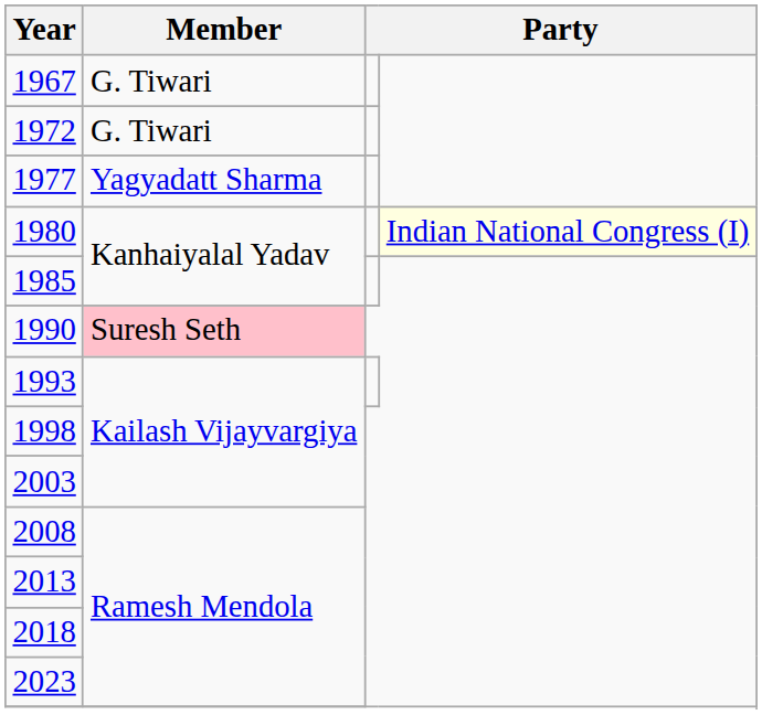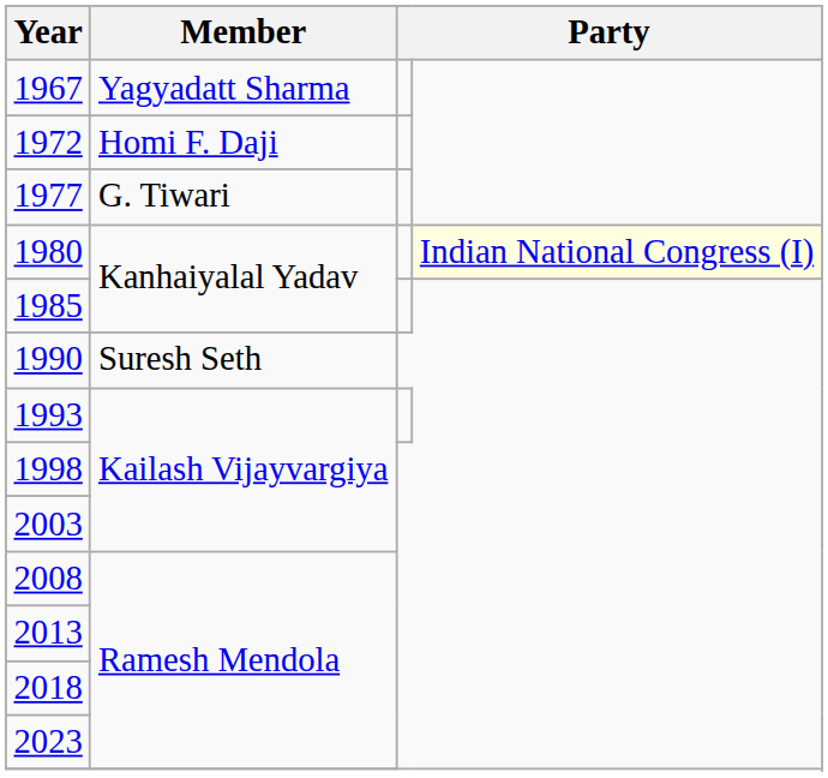 <table class="wikitable">
 <tr>
 <th>Year</th>
 <th>Member</th>
 <th colspan="2">Party</th>
 </tr>
 <tr>
 <td><a href='#'>1967</a></td>
-<td>G. Tiwari</td>
+<td><a href='#'>Yagyadatt Sharma</a></td>
 <td></td>
 </tr>
 <tr>
 <td><a href='#'>1972</a></td>
-<td>G. Tiwari</td>
+<td><a href='#'>Homi F. Daji</a></td>
 <td></td>
 </tr>
 <tr>
 <td><a href='#'>1977</a></td>
-<td><a href='#'>Yagyadatt Sharma</a></td>
+<td>G. Tiwari</td>
 <td></td>
 </tr>
 <tr>
 <td><a href='#'>1980</a></td>
 <td rowspan="2">Kanhaiyalal Yadav</td>
 <td style="background-color: "></td>
 <td style="background: lightyellow;"><a href='#'>Indian National Congress (I)</a></td>
 </tr>
 <tr>
 <td><a href='#'>1985</a></td>
 <td></td>
 </tr>
 <tr>
 <td><a href='#'>1990</a></td>
-<td style="background: pink;">Suresh Seth</td>
+<td>Suresh Seth</td>
 </tr>
 <tr>
 <td><a href='#'>1993</a></td>
 <td rowspan="3"><a href='#'>Kailash Vijayvargiya</a></td>
 <td></td>
 </tr>
 <tr>
 <td><a href='#'>1998</a></td>
 </tr>
 <tr>
 <td><a href='#'>2003</a></td>
 </tr>
 <tr>
 <td><a href='#'>2008</a></td>
 <td rowspan="4"><a href='#'>Ramesh Mendola</a></td>
 </tr>
 <tr>
 <td><a href='#'>2013</a></td>
 </tr>
 <tr>
 <td><a href='#'>2018</a></td>
 </tr>
 <tr>
 <td><a href='#'>2023</a></td>
 </tr>
 <tr>
 </tr>
 </table>
